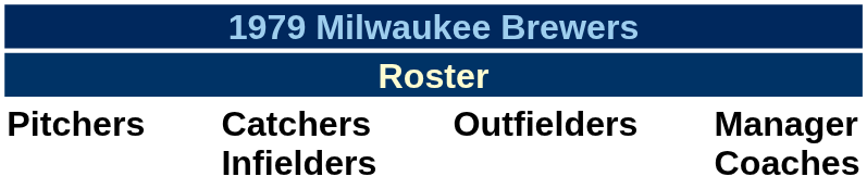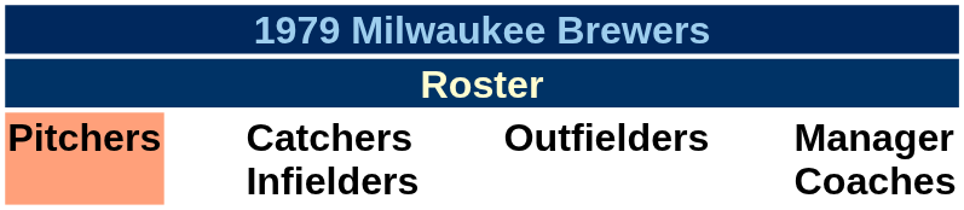 <table class="toccolours" style="font-size: 95%;">
 <tr>
 <th colspan="10" style="background-color: #00285D; color: #9ECEEE; text-align: center;">1979 Milwaukee Brewers</th>
 </tr>
 <tr>
 <td colspan="10" style="background-color: #003366; color: #FFFDD0; text-align: center;"><strong>Roster</strong></td>
 </tr>
 <tr>
-<td valign="top"><strong>Pitchers</strong><br>             </td>
+<td valign="top" style="background: lightsalmon;"><strong>Pitchers</strong><br>             </td>
 <td width="25px"></td>
 <td valign="top"><strong>Catchers</strong><br>   <strong>Infielders</strong>        </td>
 <td width="25px"></td>
 <td valign="top"><strong>Outfielders</strong><br>     </td>
 <td width="25px"></td>
 <td valign="top"><strong>Manager</strong><br> <strong>Coaches</strong>             </td>
 </tr>
 </table>
